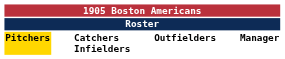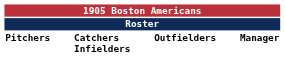 <table class="toccolours" style="text-align: left;">
 <tr>
 <th colspan="10" style="background-color: #ba313c; color: white; text-align: center;">1905 Boston Americans</th>
 </tr>
 <tr>
 <td colspan="10" style="background-color: #0d2b56; color: white; text-align: center;"><strong>Roster</strong></td>
 </tr>
 <tr>
-<td valign="top" style="background: gold;"><strong>Pitchers</strong><br>        </td>
+<td valign="top"><strong>Pitchers</strong><br>        </td>
 <td width="25px"></td>
 <td valign="top"><strong>Catchers</strong><br>      <strong>Infielders</strong>       </td>
 <td width="25px"></td>
 <td valign="top"><strong>Outfielders</strong><br>    </td>
 <td width="25px"></td>
 <td valign="top"><strong>Manager</strong><br></td>
 </tr>
 <tr>
 </tr>
 </table>
